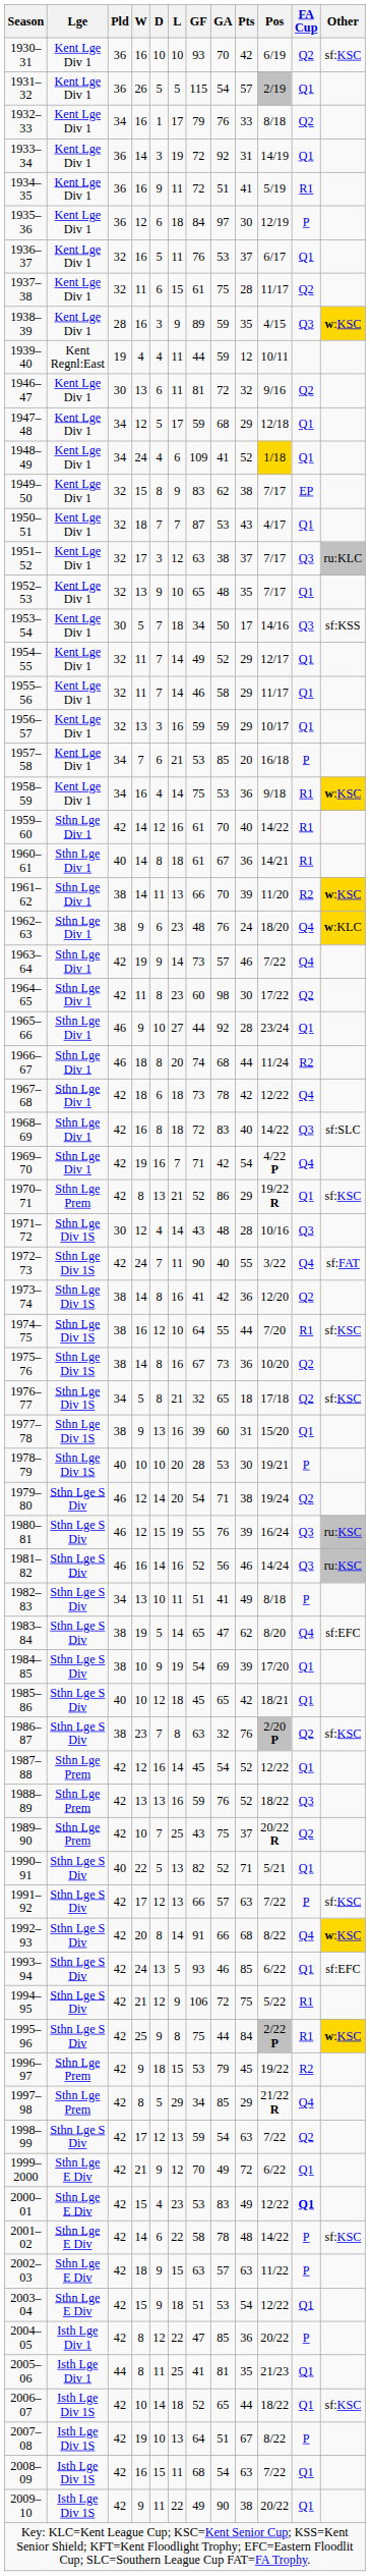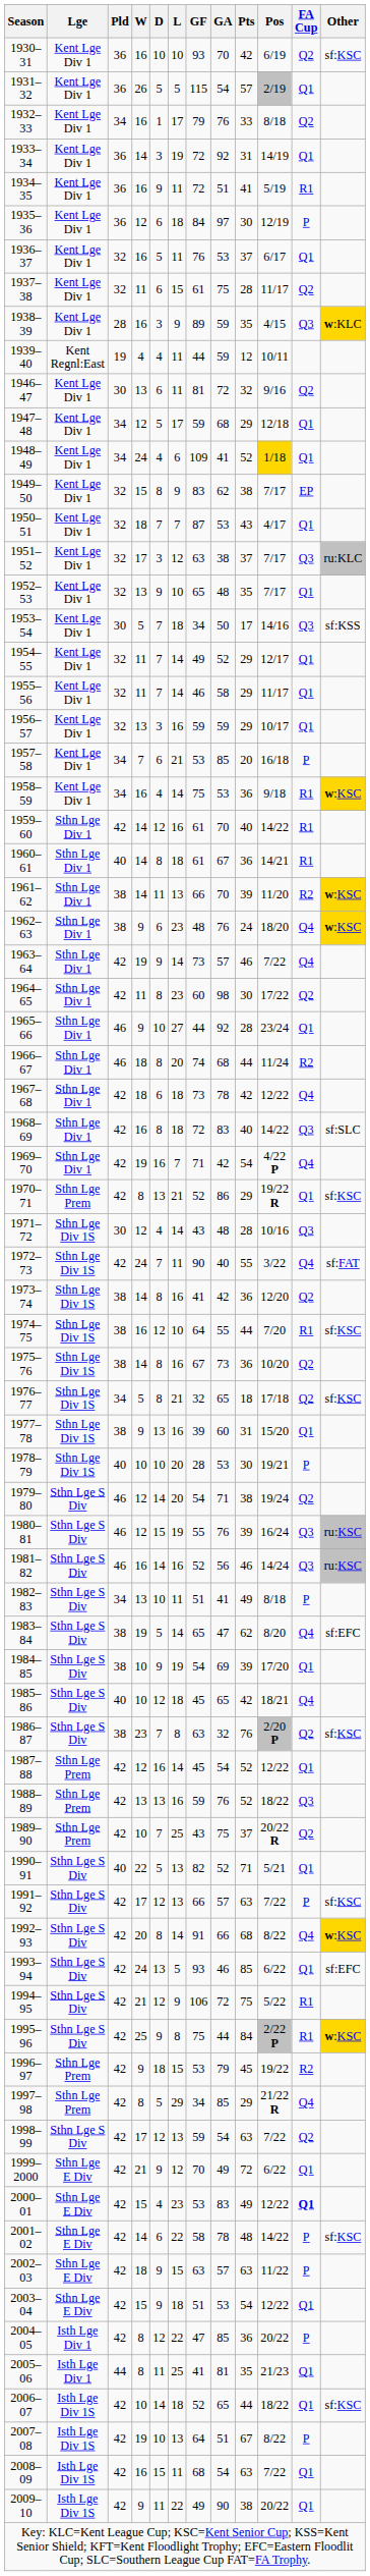 <table class="wikitable" style="width:75%; align:center; text-align:center">
 <tr>
 <th>Season</th>
 <th>Lge</th>
 <th>Pld</th>
 <th>W</th>
 <th>D</th>
 <th>L</th>
 <th>GF</th>
 <th>GA</th>
 <th>Pts</th>
 <th>Pos</th>
 <th><a href='#'>FA Cup</a></th>
 <th>Other</th>
 </tr>
 <tr>
 <td>1930–31</td>
 <td><a href='#'>Kent Lge</a> Div 1</td>
 <td>36</td>
 <td>16</td>
 <td>10</td>
 <td>10</td>
 <td>93</td>
 <td>70</td>
 <td>42</td>
 <td>6/19</td>
 <td><a href='#'>Q2</a></td>
 <td>sf:<a href='#'>KSC</a></td>
 </tr>
 <tr>
 <td>1931–32</td>
 <td><a href='#'>Kent Lge</a> Div 1</td>
 <td>36</td>
 <td>26</td>
 <td>5</td>
 <td>5</td>
 <td>115</td>
 <td>54</td>
 <td>57</td>
 <td bgcolor=silver>2/19</td>
 <td><a href='#'>Q1</a></td>
 <td></td>
 </tr>
 <tr>
 <td>1932–33</td>
 <td><a href='#'>Kent Lge</a> Div 1</td>
 <td>34</td>
 <td>16</td>
 <td>1</td>
 <td>17</td>
 <td>79</td>
 <td>76</td>
 <td>33</td>
 <td>8/18</td>
 <td><a href='#'>Q2</a></td>
 <td></td>
 </tr>
 <tr>
 <td>1933–34</td>
 <td><a href='#'>Kent Lge</a> Div 1</td>
 <td>36</td>
 <td>14</td>
 <td>3</td>
 <td>19</td>
 <td>72</td>
 <td>92</td>
 <td>31</td>
 <td>14/19</td>
 <td><a href='#'>Q1</a></td>
 <td></td>
 </tr>
 <tr>
 <td>1934–35</td>
 <td><a href='#'>Kent Lge</a> Div 1</td>
 <td>36</td>
 <td>16</td>
 <td>9</td>
 <td>11</td>
 <td>72</td>
 <td>51</td>
 <td>41</td>
 <td>5/19</td>
 <td><a href='#'>R1</a></td>
 <td></td>
 </tr>
 <tr>
 <td>1935–36</td>
 <td><a href='#'>Kent Lge</a> Div 1</td>
 <td>36</td>
 <td>12</td>
 <td>6</td>
 <td>18</td>
 <td>84</td>
 <td>97</td>
 <td>30</td>
 <td>12/19</td>
 <td><a href='#'>P</a></td>
 <td></td>
 </tr>
 <tr>
 <td>1936–37</td>
 <td><a href='#'>Kent Lge</a> Div 1</td>
 <td>32</td>
 <td>16</td>
 <td>5</td>
 <td>11</td>
 <td>76</td>
 <td>53</td>
 <td>37</td>
 <td>6/17</td>
 <td><a href='#'>Q1</a></td>
 <td></td>
 </tr>
 <tr>
 <td>1937–38</td>
 <td><a href='#'>Kent Lge</a> Div 1</td>
 <td>32</td>
 <td>11</td>
 <td>6</td>
 <td>15</td>
 <td>61</td>
 <td>75</td>
 <td>28</td>
 <td>11/17</td>
 <td><a href='#'>Q2</a></td>
 <td></td>
 </tr>
 <tr>
 <td>1938–39</td>
 <td><a href='#'>Kent Lge</a> Div 1</td>
 <td>28</td>
 <td>16</td>
 <td>3</td>
 <td>9</td>
 <td>89</td>
 <td>59</td>
 <td>35</td>
 <td>4/15</td>
 <td><a href='#'>Q3</a></td>
-<td bgcolor=gold><strong>w</strong>:<a href='#'>KSC</a></td>
+<td bgcolor=gold><strong>w</strong>:KLC</td>
 </tr>
 <tr>
 <td>1939–40</td>
 <td>Kent Regnl:East</td>
 <td>19</td>
 <td>4</td>
 <td>4</td>
 <td>11</td>
 <td>44</td>
 <td>59</td>
 <td>12</td>
 <td>10/11</td>
 <td></td>
 <td></td>
 </tr>
 <tr>
 <td>1946–47</td>
 <td><a href='#'>Kent Lge</a> Div 1</td>
 <td>30</td>
 <td>13</td>
 <td>6</td>
 <td>11</td>
 <td>81</td>
 <td>72</td>
 <td>32</td>
 <td>9/16</td>
 <td><a href='#'>Q2</a></td>
 <td></td>
 </tr>
 <tr>
 <td>1947–48</td>
 <td><a href='#'>Kent Lge</a> Div 1</td>
 <td>34</td>
 <td>12</td>
 <td>5</td>
 <td>17</td>
 <td>59</td>
 <td>68</td>
 <td>29</td>
 <td>12/18</td>
 <td><a href='#'>Q1</a></td>
 <td></td>
 </tr>
 <tr>
 <td>1948–49</td>
 <td><a href='#'>Kent Lge</a> Div 1</td>
 <td>34</td>
 <td>24</td>
 <td>4</td>
 <td>6</td>
 <td>109</td>
 <td>41</td>
 <td>52</td>
 <td bgcolor=gold>1/18</td>
 <td><a href='#'>Q1</a></td>
 <td></td>
 </tr>
 <tr>
 <td>1949–50</td>
 <td><a href='#'>Kent Lge</a> Div 1</td>
 <td>32</td>
 <td>15</td>
 <td>8</td>
 <td>9</td>
 <td>83</td>
 <td>62</td>
 <td>38</td>
 <td>7/17</td>
 <td><a href='#'>EP</a></td>
 <td></td>
 </tr>
 <tr>
 <td>1950–51</td>
 <td><a href='#'>Kent Lge</a> Div 1</td>
 <td>32</td>
 <td>18</td>
 <td>7</td>
 <td>7</td>
 <td>87</td>
 <td>53</td>
 <td>43</td>
 <td>4/17</td>
 <td><a href='#'>Q1</a></td>
 <td></td>
 </tr>
 <tr>
 <td>1951–52</td>
 <td><a href='#'>Kent Lge</a> Div 1</td>
 <td>32</td>
 <td>17</td>
 <td>3</td>
 <td>12</td>
 <td>63</td>
 <td>38</td>
 <td>37</td>
 <td>7/17</td>
 <td><a href='#'>Q3</a></td>
 <td bgcolor=silver>ru:KLC</td>
 </tr>
 <tr>
 <td>1952–53</td>
 <td><a href='#'>Kent Lge</a> Div 1</td>
 <td>32</td>
 <td>13</td>
 <td>9</td>
 <td>10</td>
 <td>65</td>
 <td>48</td>
 <td>35</td>
 <td>7/17</td>
 <td><a href='#'>Q1</a></td>
 <td></td>
 </tr>
 <tr>
 <td>1953–54</td>
 <td><a href='#'>Kent Lge</a> Div 1</td>
 <td>30</td>
 <td>5</td>
 <td>7</td>
 <td>18</td>
 <td>34</td>
 <td>50</td>
 <td>17</td>
 <td>14/16</td>
 <td><a href='#'>Q3</a></td>
 <td>sf:KSS</td>
 </tr>
 <tr>
 <td>1954–55</td>
 <td><a href='#'>Kent Lge</a> Div 1</td>
 <td>32</td>
 <td>11</td>
 <td>7</td>
 <td>14</td>
 <td>49</td>
 <td>52</td>
 <td>29</td>
 <td>12/17</td>
 <td><a href='#'>Q1</a></td>
 <td></td>
 </tr>
 <tr>
 <td>1955–56</td>
 <td><a href='#'>Kent Lge</a> Div 1</td>
 <td>32</td>
 <td>11</td>
 <td>7</td>
 <td>14</td>
 <td>46</td>
 <td>58</td>
 <td>29</td>
 <td>11/17</td>
 <td><a href='#'>Q1</a></td>
 <td></td>
 </tr>
 <tr>
 <td>1956–57</td>
 <td><a href='#'>Kent Lge</a> Div 1</td>
 <td>32</td>
 <td>13</td>
 <td>3</td>
 <td>16</td>
 <td>59</td>
 <td>59</td>
 <td>29</td>
 <td>10/17</td>
 <td><a href='#'>Q1</a></td>
 <td></td>
 </tr>
 <tr>
 <td>1957–58</td>
 <td><a href='#'>Kent Lge</a> Div 1</td>
 <td>34</td>
 <td>7</td>
 <td>6</td>
 <td>21</td>
 <td>53</td>
 <td>85</td>
 <td>20</td>
 <td>16/18</td>
 <td><a href='#'>P</a></td>
 <td></td>
 </tr>
 <tr>
 <td>1958–59</td>
 <td><a href='#'>Kent Lge</a> Div 1</td>
 <td>34</td>
 <td>16</td>
 <td>4</td>
 <td>14</td>
 <td>75</td>
 <td>53</td>
 <td>36</td>
 <td>9/18</td>
 <td><a href='#'>R1</a></td>
 <td bgcolor=gold><strong>w</strong>:<a href='#'>KSC</a></td>
 </tr>
 <tr>
 <td>1959–60</td>
 <td><a href='#'>Sthn Lge Div 1</a></td>
 <td>42</td>
 <td>14</td>
 <td>12</td>
 <td>16</td>
 <td>61</td>
 <td>70</td>
 <td>40</td>
 <td>14/22</td>
 <td><a href='#'>R1</a></td>
 <td></td>
 </tr>
 <tr>
 <td>1960–61</td>
 <td><a href='#'>Sthn Lge Div 1</a></td>
 <td>40</td>
 <td>14</td>
 <td>8</td>
 <td>18</td>
 <td>61</td>
 <td>67</td>
 <td>36</td>
 <td>14/21</td>
 <td><a href='#'>R1</a></td>
 <td></td>
 </tr>
 <tr>
 <td>1961–62</td>
 <td><a href='#'>Sthn Lge Div 1</a></td>
 <td>38</td>
 <td>14</td>
 <td>11</td>
 <td>13</td>
 <td>66</td>
 <td>70</td>
 <td>39</td>
 <td>11/20</td>
 <td><a href='#'>R2</a></td>
 <td bgcolor=gold><strong>w</strong>:<a href='#'>KSC</a></td>
 </tr>
 <tr>
 <td>1962–63</td>
 <td><a href='#'>Sthn Lge Div 1</a></td>
 <td>38</td>
 <td>9</td>
 <td>6</td>
 <td>23</td>
 <td>48</td>
 <td>76</td>
 <td>24</td>
 <td>18/20</td>
 <td><a href='#'>Q4</a></td>
-<td bgcolor=gold><strong>w</strong>:KLC</td>
+<td bgcolor=gold><strong>w</strong>:<a href='#'>KSC</a></td>
 </tr>
 <tr>
 <td>1963–64</td>
 <td><a href='#'>Sthn Lge Div 1</a></td>
 <td>42</td>
 <td>19</td>
 <td>9</td>
 <td>14</td>
 <td>73</td>
 <td>57</td>
 <td>46</td>
 <td>7/22</td>
 <td><a href='#'>Q4</a></td>
 <td></td>
 </tr>
 <tr>
 <td>1964–65</td>
 <td><a href='#'>Sthn Lge Div 1</a></td>
 <td>42</td>
 <td>11</td>
 <td>8</td>
 <td>23</td>
 <td>60</td>
 <td>98</td>
 <td>30</td>
 <td>17/22</td>
 <td><a href='#'>Q2</a></td>
 <td></td>
 </tr>
 <tr>
 <td>1965–66</td>
 <td><a href='#'>Sthn Lge Div 1</a></td>
 <td>46</td>
 <td>9</td>
 <td>10</td>
 <td>27</td>
 <td>44</td>
 <td>92</td>
 <td>28</td>
 <td>23/24</td>
 <td><a href='#'>Q1</a></td>
 <td></td>
 </tr>
 <tr>
 <td>1966–67</td>
 <td><a href='#'>Sthn Lge Div 1</a></td>
 <td>46</td>
 <td>18</td>
 <td>8</td>
 <td>20</td>
 <td>74</td>
 <td>68</td>
 <td>44</td>
 <td>11/24</td>
 <td><a href='#'>R2</a></td>
 <td></td>
 </tr>
 <tr>
 <td>1967–68</td>
 <td><a href='#'>Sthn Lge Div 1</a></td>
 <td>42</td>
 <td>18</td>
 <td>6</td>
 <td>18</td>
 <td>73</td>
 <td>78</td>
 <td>42</td>
 <td>12/22</td>
 <td><a href='#'>Q4</a></td>
 <td></td>
 </tr>
 <tr>
 <td>1968–69</td>
 <td><a href='#'>Sthn Lge Div 1</a></td>
 <td>42</td>
 <td>16</td>
 <td>8</td>
 <td>18</td>
 <td>72</td>
 <td>83</td>
 <td>40</td>
 <td>14/22</td>
 <td><a href='#'>Q3</a></td>
 <td>sf:SLC</td>
 </tr>
 <tr>
 <td>1969–70</td>
 <td><a href='#'>Sthn Lge Div 1</a></td>
 <td>42</td>
 <td>19</td>
 <td>16</td>
 <td>7</td>
 <td>71</td>
 <td>42</td>
 <td>54</td>
 <td>4/22 <strong>P</strong></td>
 <td><a href='#'>Q4</a></td>
 <td></td>
 </tr>
 <tr>
 <td>1970–71</td>
 <td><a href='#'>Sthn Lge Prem</a></td>
 <td>42</td>
 <td>8</td>
 <td>13</td>
 <td>21</td>
 <td>52</td>
 <td>86</td>
 <td>29</td>
 <td>19/22 <strong>R</strong></td>
 <td><a href='#'>Q1</a></td>
 <td>sf:<a href='#'>KSC</a></td>
 </tr>
 <tr>
 <td>1971–72</td>
 <td><a href='#'>Sthn Lge Div 1S</a></td>
 <td>30</td>
 <td>12</td>
 <td>4</td>
 <td>14</td>
 <td>43</td>
 <td>48</td>
 <td>28</td>
 <td>10/16</td>
 <td><a href='#'>Q3</a></td>
 <td></td>
 </tr>
 <tr>
 <td>1972–73</td>
 <td><a href='#'>Sthn Lge Div 1S</a></td>
 <td>42</td>
 <td>24</td>
 <td>7</td>
 <td>11</td>
 <td>90</td>
 <td>40</td>
 <td>55</td>
 <td>3/22</td>
 <td><a href='#'>Q4</a></td>
 <td>sf:<a href='#'>FAT</a></td>
 </tr>
 <tr>
 <td>1973–74</td>
 <td><a href='#'>Sthn Lge Div 1S</a></td>
 <td>38</td>
 <td>14</td>
 <td>8</td>
 <td>16</td>
 <td>41</td>
 <td>42</td>
 <td>36</td>
 <td>12/20</td>
 <td><a href='#'>Q2</a></td>
 <td></td>
 </tr>
 <tr>
 <td>1974–75</td>
 <td><a href='#'>Sthn Lge Div 1S</a></td>
 <td>38</td>
 <td>16</td>
 <td>12</td>
 <td>10</td>
 <td>64</td>
 <td>55</td>
 <td>44</td>
 <td>7/20</td>
 <td><a href='#'>R1</a></td>
 <td>sf:<a href='#'>KSC</a></td>
 </tr>
 <tr>
 <td>1975–76</td>
 <td><a href='#'>Sthn Lge Div 1S</a></td>
 <td>38</td>
 <td>14</td>
 <td>8</td>
 <td>16</td>
 <td>67</td>
 <td>73</td>
 <td>36</td>
 <td>10/20</td>
 <td><a href='#'>Q2</a></td>
 <td></td>
 </tr>
 <tr>
 <td>1976–77</td>
 <td><a href='#'>Sthn Lge Div 1S</a></td>
 <td>34</td>
 <td>5</td>
 <td>8</td>
 <td>21</td>
 <td>32</td>
 <td>65</td>
 <td>18</td>
 <td>17/18</td>
 <td><a href='#'>Q2</a></td>
 <td>sf:<a href='#'>KSC</a></td>
 </tr>
 <tr>
 <td>1977–78</td>
 <td><a href='#'>Sthn Lge Div 1S</a></td>
 <td>38</td>
 <td>9</td>
 <td>13</td>
 <td>16</td>
 <td>39</td>
 <td>60</td>
 <td>31</td>
 <td>15/20</td>
 <td><a href='#'>Q1</a></td>
 <td></td>
 </tr>
 <tr>
 <td>1978–79</td>
 <td><a href='#'>Sthn Lge Div 1S</a></td>
 <td>40</td>
 <td>10</td>
 <td>10</td>
 <td>20</td>
 <td>28</td>
 <td>53</td>
 <td>30</td>
 <td>19/21</td>
 <td><a href='#'>P</a></td>
 <td></td>
 </tr>
 <tr>
 <td>1979–80</td>
 <td><a href='#'>Sthn Lge S Div</a></td>
 <td>46</td>
 <td>12</td>
 <td>14</td>
 <td>20</td>
 <td>54</td>
 <td>71</td>
 <td>38</td>
 <td>19/24</td>
 <td><a href='#'>Q2</a></td>
 <td></td>
 </tr>
 <tr>
 <td>1980–81</td>
 <td><a href='#'>Sthn Lge S Div</a></td>
 <td>46</td>
 <td>12</td>
 <td>15</td>
 <td>19</td>
 <td>55</td>
 <td>76</td>
 <td>39</td>
 <td>16/24</td>
 <td><a href='#'>Q3</a></td>
 <td bgcolor=silver>ru:<a href='#'>KSC</a></td>
 </tr>
 <tr>
 <td>1981–82</td>
 <td><a href='#'>Sthn Lge S Div</a></td>
 <td>46</td>
 <td>16</td>
 <td>14</td>
 <td>16</td>
 <td>52</td>
 <td>56</td>
 <td>46</td>
 <td>14/24</td>
 <td><a href='#'>Q3</a></td>
 <td bgcolor=silver>ru:<a href='#'>KSC</a></td>
 </tr>
 <tr>
 <td>1982–83</td>
 <td><a href='#'>Sthn Lge S Div</a></td>
 <td>34</td>
 <td>13</td>
 <td>10</td>
 <td>11</td>
 <td>51</td>
 <td>41</td>
 <td>49</td>
 <td>8/18</td>
 <td><a href='#'>P</a></td>
 <td></td>
 </tr>
 <tr>
 <td>1983–84</td>
 <td><a href='#'>Sthn Lge S Div</a></td>
 <td>38</td>
 <td>19</td>
 <td>5</td>
 <td>14</td>
 <td>65</td>
 <td>47</td>
 <td>62</td>
 <td>8/20</td>
 <td><a href='#'>Q4</a></td>
 <td>sf:EFC</td>
 </tr>
 <tr>
 <td>1984–85</td>
 <td><a href='#'>Sthn Lge S Div</a></td>
 <td>38</td>
 <td>10</td>
 <td>9</td>
 <td>19</td>
 <td>54</td>
 <td>69</td>
 <td>39</td>
 <td>17/20</td>
 <td><a href='#'>Q1</a></td>
 <td></td>
 </tr>
 <tr>
 <td>1985–86</td>
 <td><a href='#'>Sthn Lge S Div</a></td>
 <td>40</td>
 <td>10</td>
 <td>12</td>
 <td>18</td>
 <td>45</td>
 <td>65</td>
 <td>42</td>
 <td>18/21</td>
-<td><a href='#'>Q1</a></td>
+<td><a href='#'>Q4</a></td>
 <td></td>
 </tr>
 <tr>
 <td>1986–87</td>
 <td><a href='#'>Sthn Lge S Div</a></td>
 <td>38</td>
 <td>23</td>
 <td>7</td>
 <td>8</td>
 <td>63</td>
 <td>32</td>
 <td>76</td>
 <td bgcolor=silver>2/20 <strong>P</strong></td>
 <td><a href='#'>Q2</a></td>
 <td>sf:<a href='#'>KSC</a></td>
 </tr>
 <tr>
 <td>1987–88</td>
 <td><a href='#'>Sthn Lge Prem</a></td>
 <td>42</td>
 <td>12</td>
 <td>16</td>
 <td>14</td>
 <td>45</td>
 <td>54</td>
 <td>52</td>
 <td>12/22</td>
 <td><a href='#'>Q1</a></td>
 <td></td>
 </tr>
 <tr>
 <td>1988–89</td>
 <td><a href='#'>Sthn Lge Prem</a></td>
 <td>42</td>
 <td>13</td>
 <td>13</td>
 <td>16</td>
 <td>59</td>
 <td>76</td>
 <td>52</td>
 <td>18/22</td>
 <td><a href='#'>Q3</a></td>
 <td></td>
 </tr>
 <tr>
 <td>1989–90</td>
 <td><a href='#'>Sthn Lge Prem</a></td>
 <td>42</td>
 <td>10</td>
 <td>7</td>
 <td>25</td>
 <td>43</td>
 <td>75</td>
 <td>37</td>
 <td>20/22 <strong>R</strong></td>
 <td><a href='#'>Q2</a></td>
 <td></td>
 </tr>
 <tr>
 <td>1990–91</td>
 <td><a href='#'>Sthn Lge S Div</a></td>
 <td>40</td>
 <td>22</td>
 <td>5</td>
 <td>13</td>
 <td>82</td>
 <td>52</td>
 <td>71</td>
 <td>5/21</td>
 <td><a href='#'>Q1</a></td>
 <td></td>
 </tr>
 <tr>
 <td>1991–92</td>
 <td><a href='#'>Sthn Lge S Div</a></td>
 <td>42</td>
 <td>17</td>
 <td>12</td>
 <td>13</td>
 <td>66</td>
 <td>57</td>
 <td>63</td>
 <td>7/22</td>
 <td><a href='#'>P</a></td>
 <td>sf:<a href='#'>KSC</a></td>
 </tr>
 <tr>
 <td>1992–93</td>
 <td><a href='#'>Sthn Lge S Div</a></td>
 <td>42</td>
 <td>20</td>
 <td>8</td>
 <td>14</td>
 <td>91</td>
 <td>66</td>
 <td>68</td>
 <td>8/22</td>
 <td><a href='#'>Q4</a></td>
 <td bgcolor=gold><strong>w</strong>:<a href='#'>KSC</a></td>
 </tr>
 <tr>
 <td>1993–94</td>
 <td><a href='#'>Sthn Lge S Div</a></td>
 <td>42</td>
 <td>24</td>
 <td>13</td>
 <td>5</td>
 <td>93</td>
 <td>46</td>
 <td>85</td>
 <td>6/22</td>
 <td><a href='#'>Q1</a></td>
 <td>sf:EFC</td>
 </tr>
 <tr>
 <td>1994–95</td>
 <td><a href='#'>Sthn Lge S Div</a></td>
 <td>42</td>
 <td>21</td>
 <td>12</td>
 <td>9</td>
 <td>106</td>
 <td>72</td>
 <td>75</td>
 <td>5/22</td>
 <td><a href='#'>R1</a></td>
 <td></td>
 </tr>
 <tr>
 <td>1995–96</td>
 <td><a href='#'>Sthn Lge S Div</a></td>
 <td>42</td>
 <td>25</td>
 <td>9</td>
 <td>8</td>
 <td>75</td>
 <td>44</td>
 <td>84</td>
 <td bgcolor=silver>2/22 <strong>P</strong></td>
 <td><a href='#'>R1</a></td>
 <td bgcolor=gold><strong>w</strong>:<a href='#'>KSC</a></td>
 </tr>
 <tr>
 <td>1996–97</td>
 <td><a href='#'>Sthn Lge Prem</a></td>
 <td>42</td>
 <td>9</td>
 <td>18</td>
 <td>15</td>
 <td>53</td>
 <td>79</td>
 <td>45</td>
 <td>19/22</td>
 <td><a href='#'>R2</a></td>
 <td></td>
 </tr>
 <tr>
 <td>1997–98</td>
 <td><a href='#'>Sthn Lge Prem</a></td>
 <td>42</td>
 <td>8</td>
 <td>5</td>
 <td>29</td>
 <td>34</td>
 <td>85</td>
 <td>29</td>
 <td>21/22 <strong>R</strong></td>
 <td><a href='#'>Q4</a></td>
 <td></td>
 </tr>
 <tr>
 <td>1998–99</td>
 <td><a href='#'>Sthn Lge S Div</a></td>
 <td>42</td>
 <td>17</td>
 <td>12</td>
 <td>13</td>
 <td>59</td>
 <td>54</td>
 <td>63</td>
 <td>7/22</td>
 <td><a href='#'>Q2</a></td>
 <td></td>
 </tr>
 <tr>
 <td>1999–2000</td>
 <td><a href='#'>Sthn Lge E Div</a></td>
 <td>42</td>
 <td>21</td>
 <td>9</td>
 <td>12</td>
 <td>70</td>
 <td>49</td>
 <td>72</td>
 <td>6/22</td>
 <td><a href='#'>Q1</a></td>
 <td></td>
 </tr>
 <tr>
 <td>2000–01</td>
 <td><a href='#'>Sthn Lge E Div</a></td>
 <td>42</td>
 <td>15</td>
 <td>4</td>
 <td>23</td>
 <td>53</td>
 <td>83</td>
 <td>49</td>
 <td>12/22</td>
 <td><strong><a href='#'>Q1</a></strong></td>
 <td></td>
 </tr>
 <tr>
 <td>2001–02</td>
 <td><a href='#'>Sthn Lge E Div</a></td>
 <td>42</td>
 <td>14</td>
 <td>6</td>
 <td>22</td>
 <td>58</td>
 <td>78</td>
 <td>48</td>
 <td>14/22</td>
 <td><a href='#'>P</a></td>
 <td>sf:<a href='#'>KSC</a></td>
 </tr>
 <tr>
 <td>2002–03</td>
 <td><a href='#'>Sthn Lge E Div</a></td>
 <td>42</td>
 <td>18</td>
 <td>9</td>
 <td>15</td>
 <td>63</td>
 <td>57</td>
 <td>63</td>
 <td>11/22</td>
 <td><a href='#'>P</a></td>
 <td></td>
 </tr>
 <tr>
 <td>2003–04</td>
 <td><a href='#'>Sthn Lge E Div</a></td>
 <td>42</td>
 <td>15</td>
 <td>9</td>
 <td>18</td>
 <td>51</td>
 <td>53</td>
 <td>54</td>
 <td>12/22</td>
 <td><a href='#'>Q1</a></td>
 <td></td>
 </tr>
 <tr>
 <td>2004–05</td>
 <td><a href='#'>Isth Lge Div 1</a></td>
 <td>42</td>
 <td>8</td>
 <td>12</td>
 <td>22</td>
 <td>47</td>
 <td>85</td>
 <td>36</td>
 <td>20/22</td>
 <td><a href='#'>P</a></td>
 <td></td>
 </tr>
 <tr>
 <td>2005–06</td>
 <td><a href='#'>Isth Lge Div 1</a></td>
 <td>44</td>
 <td>8</td>
 <td>11</td>
 <td>25</td>
 <td>41</td>
 <td>81</td>
 <td>35</td>
 <td>21/23</td>
 <td><a href='#'>Q1</a></td>
 <td></td>
 </tr>
 <tr>
 <td>2006–07</td>
 <td><a href='#'>Isth Lge Div 1S</a></td>
 <td>42</td>
 <td>10</td>
 <td>14</td>
 <td>18</td>
 <td>52</td>
 <td>65</td>
 <td>44</td>
 <td>18/22</td>
 <td><a href='#'>Q1</a></td>
 <td>sf:<a href='#'>KSC</a></td>
 </tr>
 <tr>
 <td>2007–08</td>
 <td><a href='#'>Isth Lge Div 1S</a></td>
 <td>42</td>
 <td>19</td>
 <td>10</td>
 <td>13</td>
 <td>64</td>
 <td>51</td>
 <td>67</td>
 <td>8/22</td>
 <td><a href='#'>P</a></td>
 <td></td>
 </tr>
 <tr>
 <td>2008–09</td>
 <td><a href='#'>Isth Lge Div 1S</a></td>
 <td>42</td>
 <td>16</td>
 <td>15</td>
 <td>11</td>
 <td>68</td>
 <td>54</td>
 <td>63</td>
 <td>7/22</td>
 <td><a href='#'>Q1</a></td>
 <td></td>
 </tr>
 <tr>
 <td>2009–10</td>
 <td><a href='#'>Isth Lge Div 1S</a></td>
 <td>42</td>
 <td>9</td>
 <td>11</td>
 <td>22</td>
 <td>49</td>
 <td>90</td>
 <td>38</td>
 <td>20/22</td>
 <td><a href='#'>Q1</a></td>
 <td></td>
 </tr>
 <tr>
 <td colspan="12">Key: KLC=Kent League Cup; KSC=<a href='#'>Kent Senior Cup</a>; KSS=Kent Senior Shield; KFT=Kent Floodlight Trophy; EFC=Eastern Floodlit Cup; SLC=Southern League Cup FAT=<a href='#'>FA Trophy</a>.</td>
 </tr>
 </table>
